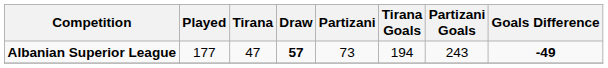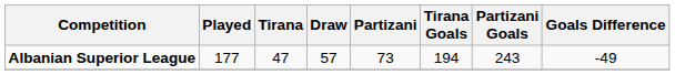 <table class=wikitable style="text-align:center">
 <tr>
 <th>Competition</th>
 <th>Played</th>
 <th>Tirana</th>
 <th>Draw</th>
 <th>Partizani</th>
 <th>Tirana <br> Goals</th>
 <th>Partizani <br> Goals</th>
 <th>Goals Difference</th>
 </tr>
 <tr>
 <td><strong>Albanian Superior League</strong></td>
 <td>177</td>
 <td>47</td>
-<td><strong>57</strong></td>
+<td>57</td>
 <td>73</td>
 <td>194</td>
 <td>243</td>
-<td><strong>-49</strong></td>
+<td>-49</td>
 </tr>
 <tr>
 </tr>
 </table>
